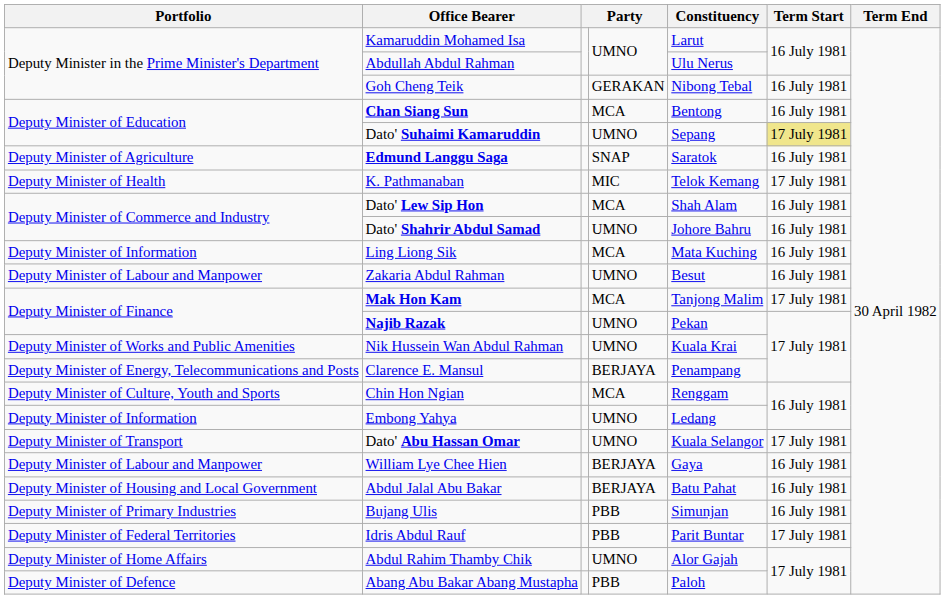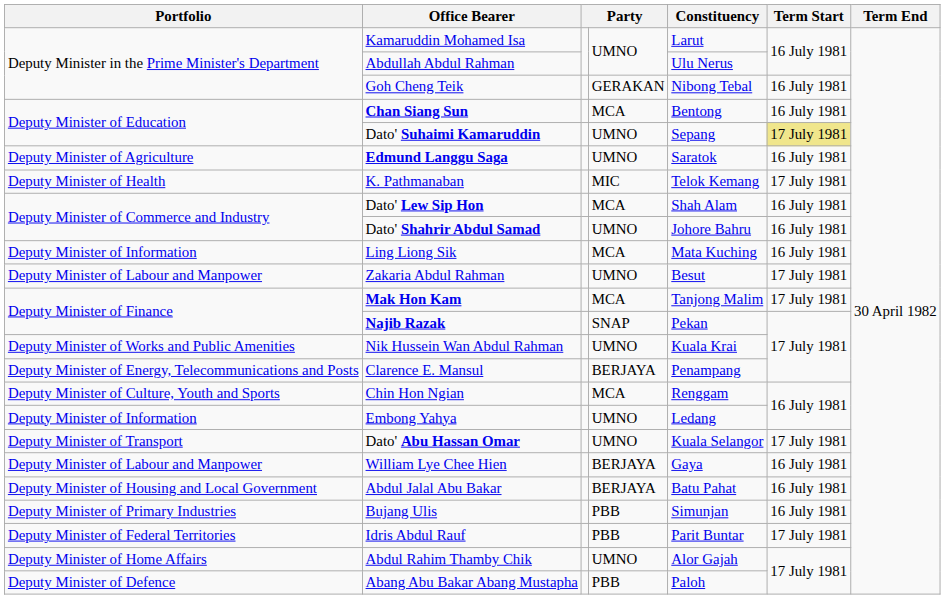 <table class="sortable wikitable">
 <tr>
 <th>Portfolio</th>
 <th>Office Bearer</th>
 <th colspan=2>Party</th>
 <th>Constituency</th>
 <th>Term Start</th>
 <th>Term End</th>
 </tr>
 <tr>
 <td rowspan="3">Deputy Minister in the <a href='#'>Prime Minister's Department</a></td>
 <td><a href='#'>Kamaruddin Mohamed Isa</a> </td>
 <td rowspan=2></td>
 <td rowspan=2>UMNO</td>
 <td><a href='#'>Larut</a></td>
 <td rowspan=2>16 July 1981</td>
 <td rowspan=24>30 April 1982</td>
 </tr>
 <tr>
 <td><a href='#'>Abdullah Abdul Rahman</a> </td>
 <td><a href='#'>Ulu Nerus</a></td>
 </tr>
 <tr>
 <td><a href='#'>Goh Cheng Teik</a> </td>
 <td bgcolor=></td>
 <td>GERAKAN</td>
 <td><a href='#'>Nibong Tebal</a></td>
 <td>16 July 1981</td>
 </tr>
 <tr>
 <td rowspan="2"><a href='#'>Deputy Minister of Education</a></td>
 <td><strong><a href='#'>Chan Siang Sun</a></strong> </td>
 <td></td>
 <td>MCA</td>
 <td><a href='#'>Bentong</a></td>
 <td>16 July 1981</td>
 </tr>
 <tr>
 <td>Dato' <strong><a href='#'>Suhaimi Kamaruddin</a></strong> </td>
 <td></td>
 <td>UMNO</td>
 <td><a href='#'>Sepang</a></td>
 <td style="background: khaki;">17 July 1981</td>
 </tr>
 <tr>
 <td><a href='#'>Deputy Minister of Agriculture</a></td>
 <td><strong><a href='#'>Edmund Langgu Saga</a></strong> </td>
 <td></td>
-<td>SNAP</td>
+<td>UMNO</td>
 <td><a href='#'>Saratok</a></td>
 <td>16 July 1981</td>
 </tr>
 <tr>
 <td><a href='#'>Deputy Minister of Health</a></td>
 <td><a href='#'>K. Pathmanaban</a> </td>
 <td></td>
 <td>MIC</td>
 <td><a href='#'>Telok Kemang</a></td>
 <td>17 July 1981</td>
 </tr>
 <tr>
 <td rowspan="2"><a href='#'>Deputy Minister of Commerce and Industry</a></td>
 <td>Dato' <strong><a href='#'>Lew Sip Hon</a></strong> </td>
 <td></td>
 <td>MCA</td>
 <td><a href='#'>Shah Alam</a></td>
 <td>16 July 1981</td>
 </tr>
 <tr>
 <td>Dato' <strong><a href='#'>Shahrir Abdul Samad</a></strong> </td>
 <td></td>
 <td>UMNO</td>
 <td><a href='#'>Johore Bahru</a></td>
 <td>16 July 1981</td>
 </tr>
 <tr>
 <td><a href='#'>Deputy Minister of Information</a></td>
 <td><a href='#'>Ling Liong Sik</a> </td>
 <td></td>
 <td>MCA</td>
 <td><a href='#'>Mata Kuching</a></td>
 <td>16 July 1981</td>
 </tr>
 <tr>
 <td><a href='#'>Deputy Minister of Labour and Manpower</a></td>
 <td><a href='#'>Zakaria Abdul Rahman</a> </td>
 <td></td>
 <td>UMNO</td>
 <td><a href='#'>Besut</a></td>
-<td>16 July 1981</td>
+<td>17 July 1981</td>
 </tr>
 <tr>
 <td rowspan="2"><a href='#'>Deputy Minister of Finance</a></td>
 <td><strong><a href='#'>Mak Hon Kam</a></strong> </td>
 <td></td>
 <td>MCA</td>
 <td><a href='#'>Tanjong Malim</a></td>
 <td>17 July 1981</td>
 </tr>
 <tr>
 <td><strong><a href='#'>Najib Razak</a></strong> </td>
 <td></td>
-<td>UMNO</td>
+<td>SNAP</td>
 <td><a href='#'>Pekan</a></td>
 <td rowspan=3>17 July 1981</td>
 </tr>
 <tr>
 <td><a href='#'>Deputy Minister of Works and Public Amenities</a></td>
 <td><a href='#'>Nik Hussein Wan Abdul Rahman</a> </td>
 <td></td>
 <td>UMNO</td>
 <td><a href='#'>Kuala Krai</a></td>
 </tr>
 <tr>
 <td><a href='#'>Deputy Minister of Energy, Telecommunications and Posts</a></td>
 <td><a href='#'>Clarence E. Mansul</a> </td>
 <td bgcolor=></td>
 <td>BERJAYA</td>
 <td><a href='#'>Penampang</a></td>
 </tr>
 <tr>
 <td><a href='#'>Deputy Minister of Culture, Youth and Sports</a></td>
 <td><a href='#'>Chin Hon Ngian</a> </td>
 <td></td>
 <td>MCA</td>
 <td><a href='#'>Renggam</a></td>
 <td rowspan=2>16 July 1981</td>
 </tr>
 <tr>
 <td><a href='#'>Deputy Minister of Information</a></td>
 <td><a href='#'>Embong Yahya</a> </td>
 <td></td>
 <td>UMNO</td>
 <td><a href='#'>Ledang</a></td>
 </tr>
 <tr>
 <td><a href='#'>Deputy Minister of Transport</a></td>
 <td>Dato' <strong><a href='#'>Abu Hassan Omar</a></strong> </td>
 <td></td>
 <td>UMNO</td>
 <td><a href='#'>Kuala Selangor</a></td>
 <td>17 July 1981</td>
 </tr>
 <tr>
 <td><a href='#'>Deputy Minister of Labour and Manpower</a></td>
 <td><a href='#'>William Lye Chee Hien</a> </td>
 <td bgcolor=></td>
 <td>BERJAYA</td>
 <td><a href='#'>Gaya</a></td>
 <td>16 July 1981</td>
 </tr>
 <tr>
 <td><a href='#'>Deputy Minister of Housing and Local Government</a></td>
 <td><a href='#'>Abdul Jalal Abu Bakar</a> </td>
 <td></td>
 <td>BERJAYA</td>
 <td><a href='#'>Batu Pahat</a></td>
 <td>16 July 1981</td>
 </tr>
 <tr>
 <td><a href='#'>Deputy Minister of Primary Industries</a></td>
 <td><a href='#'>Bujang Ulis</a> </td>
 <td></td>
 <td>PBB</td>
 <td><a href='#'>Simunjan</a></td>
 <td>16 July 1981</td>
 </tr>
 <tr>
 <td><a href='#'>Deputy Minister of Federal Territories</a></td>
 <td><a href='#'>Idris Abdul Rauf</a> </td>
 <td></td>
 <td>PBB</td>
 <td><a href='#'>Parit Buntar</a></td>
 <td>17 July 1981</td>
 </tr>
 <tr>
 <td><a href='#'>Deputy Minister of Home Affairs</a></td>
 <td><a href='#'>Abdul Rahim Thamby Chik</a> </td>
 <td></td>
 <td>UMNO</td>
 <td><a href='#'>Alor Gajah</a></td>
 <td rowspan=2>17 July 1981</td>
 </tr>
 <tr>
 <td><a href='#'>Deputy Minister of Defence</a></td>
 <td><a href='#'>Abang Abu Bakar Abang Mustapha</a> </td>
 <td></td>
 <td>PBB</td>
 <td><a href='#'>Paloh</a></td>
 </tr>
 </table>
